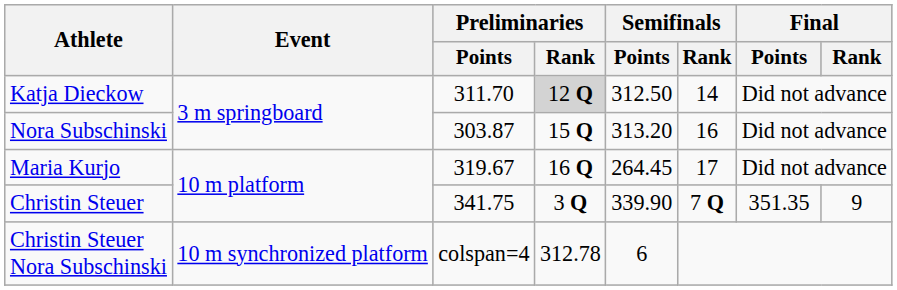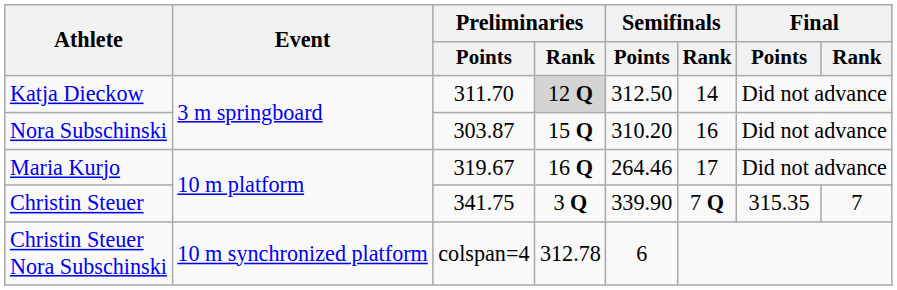 <table class="wikitable" style="font-size:90%">
 <tr>
 <th rowspan=2>Athlete</th>
 <th rowspan=2>Event</th>
 <th colspan=2>Preliminaries</th>
 <th colspan=2>Semifinals</th>
 <th colspan=2>Final</th>
 </tr>
 <tr style="font-size:95%">
 <th>Points</th>
 <th>Rank</th>
 <th>Points</th>
 <th>Rank</th>
 <th>Points</th>
 <th>Rank</th>
 </tr>
 <tr align=center>
 <td align=left><a href='#'>Katja Dieckow</a></td>
 <td align=left rowspan=2><a href='#'>3 m springboard</a></td>
 <td>311.70</td>
 <td style="background: lightgrey;">12 <strong>Q</strong></td>
 <td>312.50</td>
 <td>14</td>
 <td colspan=2>Did not advance</td>
 </tr>
 <tr align=center>
 <td align=left><a href='#'>Nora Subschinski</a></td>
 <td>303.87</td>
 <td>15 <strong>Q</strong></td>
-<td>313.20</td>
+<td>310.20</td>
 <td>16</td>
 <td colspan=2>Did not advance</td>
 </tr>
 <tr align=center>
 <td align=left><a href='#'>Maria Kurjo</a></td>
 <td align=left rowspan=2><a href='#'>10 m platform</a></td>
 <td>319.67</td>
 <td>16 <strong>Q</strong></td>
-<td>264.45</td>
+<td>264.46</td>
 <td>17</td>
 <td colspan=2>Did not advance</td>
 </tr>
 <tr align=center>
 <td align=left><a href='#'>Christin Steuer</a></td>
 <td>341.75</td>
 <td>3 <strong>Q</strong></td>
 <td>339.90</td>
 <td>7 <strong>Q</strong></td>
-<td>351.35</td>
-<td>9</td>
+<td>315.35</td>
+<td>7</td>
 </tr>
 <tr align=center>
 <td align=left><a href='#'>Christin Steuer</a><br><a href='#'>Nora Subschinski</a></td>
 <td align=left><a href='#'>10 m synchronized platform</a></td>
 <td>colspan=4 </td>
 <td>312.78</td>
 <td>6</td>
 </tr>
 </table>
